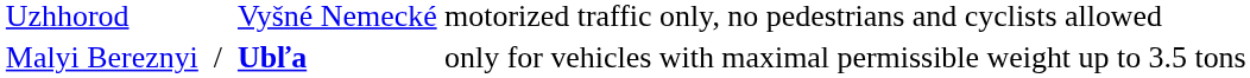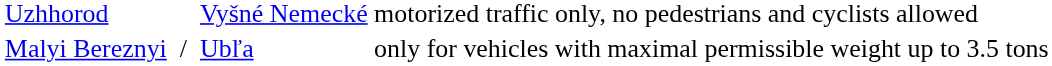 <table>
 <tr>
 <td><a href='#'>Uzhhorod</a></td>
 <td></td>
 <td align="center">  </td>
 <td></td>
 <td><a href='#'>Vyšné Nemecké</a></td>
 <td>motorized traffic only, no pedestrians and cyclists allowed</td>
 <td></td>
 </tr>
 <tr>
 <td><a href='#'>Malyi Bereznyi</a></td>
 <td></td>
 <td>/</td>
 <td></td>
-<td><strong><a href='#'>Ubľa</a></strong></td>
+<td><a href='#'>Ubľa</a></td>
 <td>only for vehicles with maximal permissible weight up to 3.5 tons</td>
 <td></td>
 </tr>
 </table>
